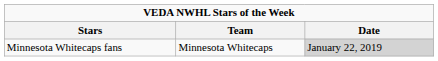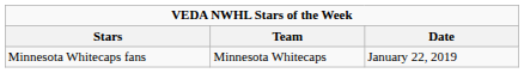 <table class="wikitable" style="width:50%;">
 <tr>
 <td colspan=4; align=center><strong>VEDA NWHL Stars of the Week</strong></td>
 </tr>
 <tr style="text-align:center; background:#ddd;">
 <th style="width:40%;">Stars</th>
 <th style="width:30%;">Team</th>
 <th style="width:30%;">Date</th>
 </tr>
 <tr>
 <td>Minnesota Whitecaps fans</td>
 <td>Minnesota Whitecaps</td>
-<td style="background: lightgrey;">January 22, 2019</td>
+<td>January 22, 2019</td>
 </tr>
 </table>
